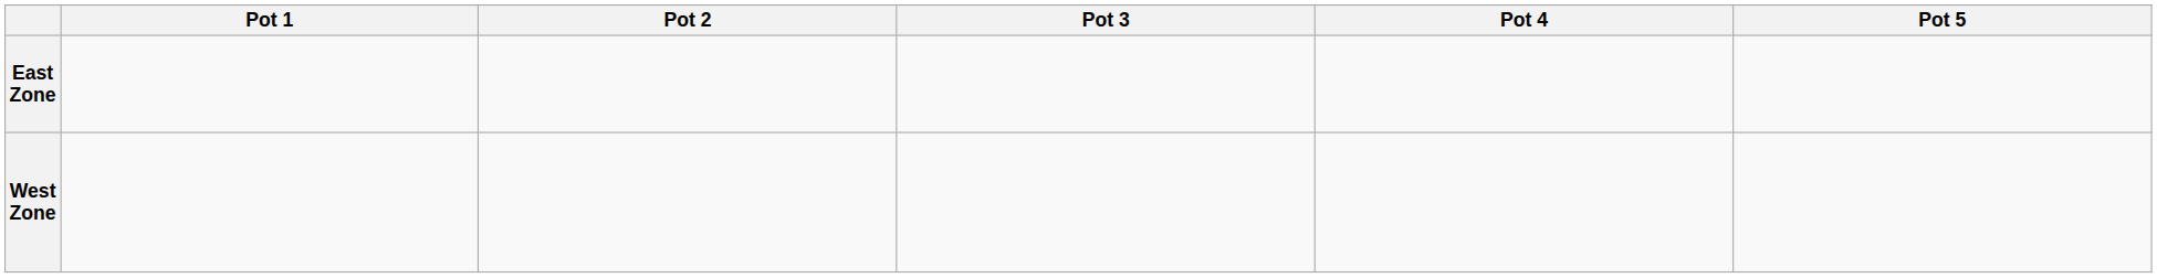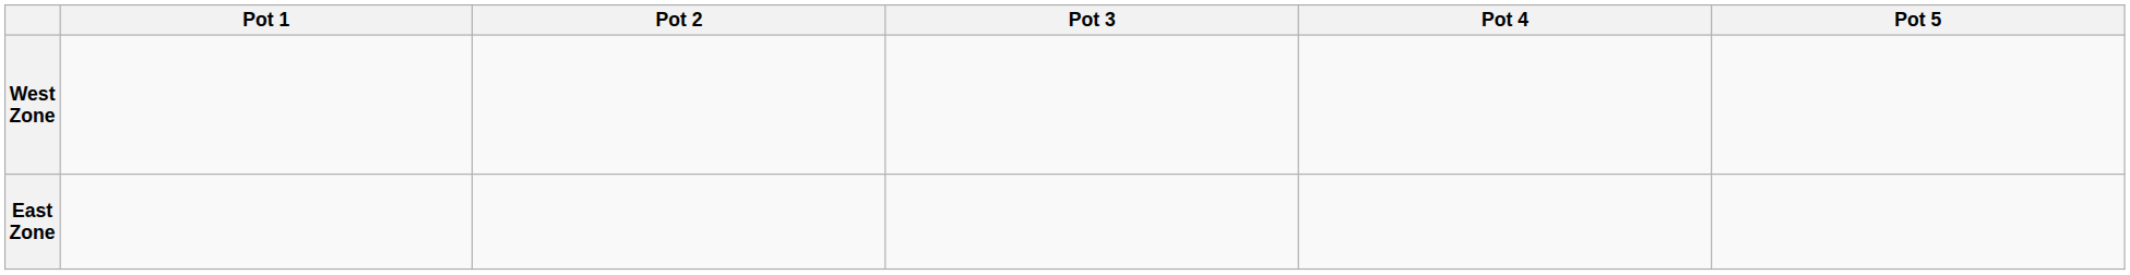 <table class="wikitable" style="width:89%;">
 <tr>
 <th></th>
 <th width=20%>Pot 1</th>
 <th width=20%>Pot 2</th>
 <th width=20%>Pot 3</th>
 <th width=20%>Pot 4</th>
 <th width=20%>Pot 5</th>
 </tr>
 <tr>
+<th>West Zone<br></th>
+<td valign=top><br><br> <br> <br> <br> <br> </td>
+<td valign=top><br><br> <br> <br> <br> <br> </td>
+<td valign=top><br><br> <br> <br> <br> <br> </td>
+<td valign=top><br><br> <br> <br> <br> <br> </td>
+<td valign=top><br></td>
+</tr>
+<tr>
 <th>East Zone<br></th>
 <td valign=top><br><br> <br> <br> </td>
 <td valign=top><br><br> <br> <br> </td>
 <td valign=top><br><br> <br> <br> </td>
 <td valign=top><br><br> <br> <br> </td>
 <td valign=top><br><br> </td>
 </tr>
-<tr>
-<th>West Zone<br></th>
-<td valign=top><br><br> <br> <br> <br> <br> </td>
-<td valign=top><br><br> <br> <br> <br> <br> </td>
-<td valign=top><br><br> <br> <br> <br> <br> </td>
-<td valign=top><br><br> <br> <br> <br> <br> </td>
-<td valign=top><br></td>
-</tr>
 </table>
